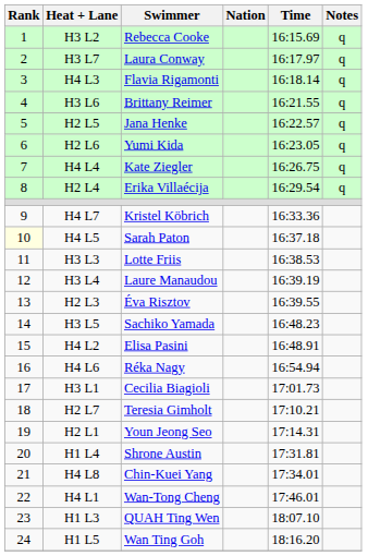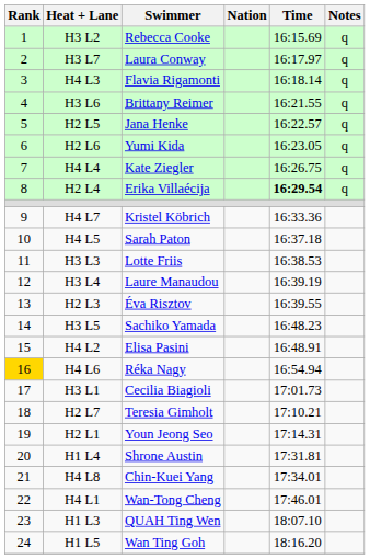 <table class="wikitable sortable" style="text-align:center">
 <tr>
 <th>Rank</th>
 <th>Heat + Lane</th>
 <th>Swimmer</th>
 <th>Nation</th>
 <th>Time</th>
 <th>Notes</th>
 </tr>
 <tr bgcolor=ccffcc>
 <td>1</td>
 <td>H3 L2</td>
 <td align=left><a href='#'>Rebecca Cooke</a></td>
 <td align=left></td>
 <td>16:15.69</td>
 <td>q</td>
 </tr>
 <tr bgcolor=ccffcc>
 <td>2</td>
 <td>H3 L7</td>
 <td align=left><a href='#'>Laura Conway</a></td>
 <td align=left></td>
 <td>16:17.97</td>
 <td>q</td>
 </tr>
 <tr bgcolor=ccffcc>
 <td>3</td>
 <td>H4 L3</td>
 <td align=left><a href='#'>Flavia Rigamonti</a></td>
 <td align=left></td>
 <td>16:18.14</td>
 <td>q</td>
 </tr>
 <tr bgcolor=ccffcc>
 <td>4</td>
 <td>H3 L6</td>
 <td align=left><a href='#'>Brittany Reimer</a></td>
 <td align=left></td>
 <td>16:21.55</td>
 <td>q</td>
 </tr>
 <tr bgcolor=ccffcc>
 <td>5</td>
 <td>H2 L5</td>
 <td align=left><a href='#'>Jana Henke</a></td>
 <td align=left></td>
 <td>16:22.57</td>
 <td>q</td>
 </tr>
 <tr bgcolor=ccffcc>
 <td>6</td>
 <td>H2 L6</td>
 <td align=left><a href='#'>Yumi Kida</a></td>
 <td align=left></td>
 <td>16:23.05</td>
 <td>q</td>
 </tr>
 <tr bgcolor=ccffcc>
 <td>7</td>
 <td>H4 L4</td>
 <td align=left><a href='#'>Kate Ziegler</a></td>
 <td align=left></td>
 <td>16:26.75</td>
 <td>q</td>
 </tr>
 <tr bgcolor=ccffcc>
 <td>8</td>
 <td>H2 L4</td>
 <td align=left><a href='#'>Erika Villaécija</a></td>
 <td align=left></td>
-<td>16:29.54</td>
+<td><strong>16:29.54</strong></td>
 <td>q</td>
 </tr>
 <tr bgcolor=#DDDDDD>
 <td colspan=6></td>
 </tr>
 <tr>
 <td>9</td>
 <td>H4 L7</td>
 <td align=left><a href='#'>Kristel Köbrich</a></td>
 <td align=left></td>
 <td>16:33.36</td>
 <td></td>
 </tr>
 <tr>
-<td style="background: lightyellow;">10</td>
+<td>10</td>
 <td>H4 L5</td>
 <td align=left><a href='#'>Sarah Paton</a></td>
 <td align=left></td>
 <td>16:37.18</td>
 <td></td>
 </tr>
 <tr>
 <td>11</td>
 <td>H3 L3</td>
 <td align=left><a href='#'>Lotte Friis</a></td>
 <td align=left></td>
 <td>16:38.53</td>
 <td></td>
 </tr>
 <tr>
 <td>12</td>
 <td>H3 L4</td>
 <td align=left><a href='#'>Laure Manaudou</a></td>
 <td align=left></td>
 <td>16:39.19</td>
 <td></td>
 </tr>
 <tr>
 <td>13</td>
 <td>H2 L3</td>
 <td align=left><a href='#'>Éva Risztov</a></td>
 <td align=left></td>
 <td>16:39.55</td>
 <td></td>
 </tr>
 <tr>
 <td>14</td>
 <td>H3 L5</td>
 <td align=left><a href='#'>Sachiko Yamada</a></td>
 <td align=left></td>
 <td>16:48.23</td>
 <td></td>
 </tr>
 <tr>
 <td>15</td>
 <td>H4 L2</td>
 <td align=left><a href='#'>Elisa Pasini</a></td>
 <td align=left></td>
 <td>16:48.91</td>
 <td></td>
 </tr>
 <tr>
-<td>16</td>
+<td style="background: gold;">16</td>
 <td>H4 L6</td>
 <td align=left><a href='#'>Réka Nagy</a></td>
 <td align=left></td>
 <td>16:54.94</td>
 <td></td>
 </tr>
 <tr>
 <td>17</td>
 <td>H3 L1</td>
 <td align=left><a href='#'>Cecilia Biagioli</a></td>
 <td align=left></td>
 <td>17:01.73</td>
 <td></td>
 </tr>
 <tr>
 <td>18</td>
 <td>H2 L7</td>
 <td align=left><a href='#'>Teresia Gimholt</a></td>
 <td align=left></td>
 <td>17:10.21</td>
 <td></td>
 </tr>
 <tr>
 <td>19</td>
 <td>H2 L1</td>
 <td align=left><a href='#'>Youn Jeong Seo</a></td>
 <td align=left></td>
 <td>17:14.31</td>
 <td></td>
 </tr>
 <tr>
 <td>20</td>
 <td>H1 L4</td>
 <td align=left><a href='#'>Shrone Austin</a></td>
 <td align=left></td>
 <td>17:31.81</td>
 <td></td>
 </tr>
 <tr>
 <td>21</td>
 <td>H4 L8</td>
 <td align=left><a href='#'>Chin-Kuei Yang</a></td>
 <td align=left></td>
 <td>17:34.01</td>
 <td></td>
 </tr>
 <tr>
 <td>22</td>
 <td>H4 L1</td>
 <td align=left><a href='#'>Wan-Tong Cheng</a></td>
 <td align=left></td>
 <td>17:46.01</td>
 <td></td>
 </tr>
 <tr>
 <td>23</td>
 <td>H1 L3</td>
 <td align=left><a href='#'>QUAH Ting Wen</a></td>
 <td align=left></td>
 <td>18:07.10</td>
 <td></td>
 </tr>
 <tr>
 <td>24</td>
 <td>H1 L5</td>
 <td align=left><a href='#'>Wan Ting Goh</a></td>
 <td align=left></td>
 <td>18:16.20</td>
 <td></td>
 </tr>
 <tr>
 </tr>
 </table>
